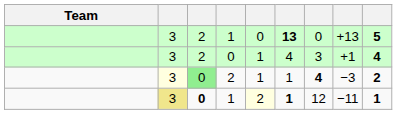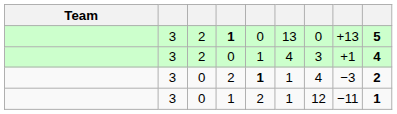 <table class="wikitable" style="text-align: center; font-size:90% ">
 <tr>
 <th width=160>Team</th>
 <th width=25></th>
 <th width=25></th>
 <th width=25></th>
 <th width=25></th>
 <th width=25></th>
 <th width=25></th>
 <th width=25></th>
 <th width=25></th>
 </tr>
 <tr bgcolor="ccffcc">
 <td align=left></td>
 <td>3</td>
 <td>2</td>
-<td>1</td>
+<td><strong>1</strong></td>
 <td>0</td>
-<td><strong>13</strong></td>
+<td>13</td>
 <td>0</td>
 <td>+13</td>
 <td><strong>5</strong></td>
 </tr>
 <tr bgcolor="ccffcc">
 <td align=left></td>
 <td>3</td>
 <td>2</td>
 <td>0</td>
 <td>1</td>
 <td>4</td>
 <td>3</td>
 <td>+1</td>
 <td><strong>4</strong></td>
 </tr>
 <tr>
 <td align=left></td>
-<td style="background: lightyellow;">3</td>
-<td style="background: lightgreen;">0</td>
+<td>3</td>
+<td>0</td>
 <td>2</td>
+<td><strong>1</strong></td>
 <td>1</td>
-<td>1</td>
-<td><strong>4</strong></td>
+<td>4</td>
 <td>−3</td>
 <td><strong>2</strong></td>
 </tr>
 <tr>
 <td align=left></td>
-<td style="background: khaki;">3</td>
-<td><strong>0</strong></td>
+<td>3</td>
+<td>0</td>
 <td>1</td>
-<td style="background: lightyellow;">2</td>
-<td><strong>1</strong></td>
+<td>2</td>
+<td>1</td>
 <td>12</td>
 <td>−11</td>
 <td><strong>1</strong></td>
 </tr>
 </table>
